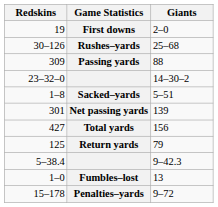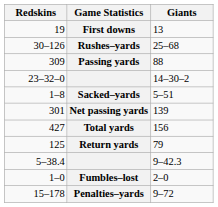 <table class="wikitable" style="margin: 1em auto 1em auto">
 <tr>
 <th style="width:30%;">Redskins</th>
 <th style="width:40%;">Game Statistics</th>
 <th style="width:30%;">Giants</th>
 </tr>
 <tr>
 <td style="text-align:right;">19</td>
 <th>First downs</th>
-<td>2–0</td>
+<td>13</td>
 </tr>
 <tr>
 <td style="text-align:right;">30–126</td>
 <th>Rushes–yards</th>
 <td>25–68</td>
 </tr>
 <tr>
 <td style="text-align:right;">309</td>
 <th>Passing yards</th>
 <td>88</td>
 </tr>
 <tr>
 <td style="text-align:right;">23–32–0</td>
 <th></th>
 <td>14–30–2</td>
 </tr>
 <tr>
 <td style="text-align:right;">1–8</td>
 <th>Sacked–yards</th>
 <td>5–51</td>
 </tr>
 <tr>
 <td style="text-align:right;">301</td>
 <th>Net passing yards</th>
 <td>139</td>
 </tr>
 <tr>
 <td style="text-align:right;">427</td>
 <th>Total yards</th>
 <td>156</td>
 </tr>
 <tr>
 <td style="text-align:right;">125</td>
 <th>Return yards</th>
 <td>79</td>
 </tr>
 <tr>
 <td style="text-align:right;">5–38.4</td>
 <th></th>
 <td>9–42.3</td>
 </tr>
 <tr>
 <td style="text-align:right;">1–0</td>
 <th>Fumbles–lost</th>
-<td>13</td>
+<td>2–0</td>
 </tr>
 <tr>
 <td style="text-align:right;">15–178</td>
 <th>Penalties–yards</th>
 <td>9–72</td>
 </tr>
 </table>
